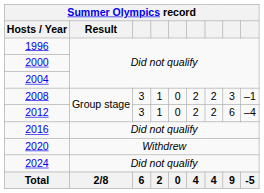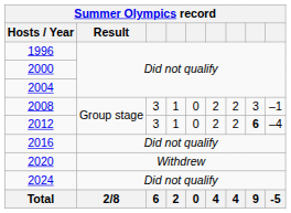 <table class="wikitable" style="text-align: center;font-size:100%;">
 <tr>
 <th colspan=9><a href='#'>Summer Olympics</a> record</th>
 </tr>
 <tr>
 <th>Hosts / Year</th>
 <th>Result</th>
 <th width=20></th>
 <th width=20></th>
 <th width=20></th>
 <th width=20></th>
 <th width=20></th>
 <th width=20></th>
 <th width=20></th>
 </tr>
 <tr>
 <td> <a href='#'>1996</a></td>
 <td colspan=8 rowspan=3><em>Did not qualify</em></td>
 </tr>
 <tr>
 <td> <a href='#'>2000</a></td>
 </tr>
 <tr>
 <td> <a href='#'>2004</a></td>
 </tr>
 <tr>
 <td> <a href='#'>2008</a></td>
 <td rowspan=2>Group stage</td>
 <td>3</td>
 <td>1</td>
 <td>0</td>
 <td>2</td>
 <td>2</td>
 <td>3</td>
 <td>–1</td>
 </tr>
 <tr>
 <td> <a href='#'>2012</a></td>
 <td>3</td>
 <td>1</td>
 <td>0</td>
 <td>2</td>
 <td>2</td>
-<td>6</td>
+<td><strong>6</strong></td>
 <td>–4</td>
 </tr>
 <tr>
 <td> <a href='#'>2016</a></td>
 <td colspan=8><em>Did not qualify</em></td>
 </tr>
 <tr>
 <td> <a href='#'>2020</a></td>
 <td colspan=8><em>Withdrew</em></td>
 </tr>
 <tr>
 <td> <a href='#'>2024</a></td>
 <td colspan=8><em>Did not qualify</em></td>
 </tr>
 <tr>
 <th><strong>Total</strong></th>
 <th><strong>2/8</strong></th>
 <th><strong>6</strong></th>
 <th><strong>2</strong></th>
 <th><strong>0</strong></th>
 <th><strong>4</strong></th>
 <th><strong>4</strong></th>
 <th><strong>9</strong></th>
 <th><strong>-5</strong></th>
 </tr>
 </table>
